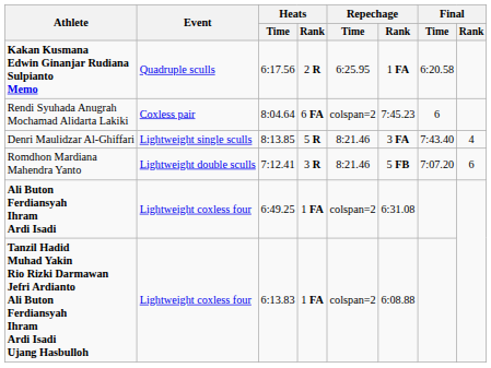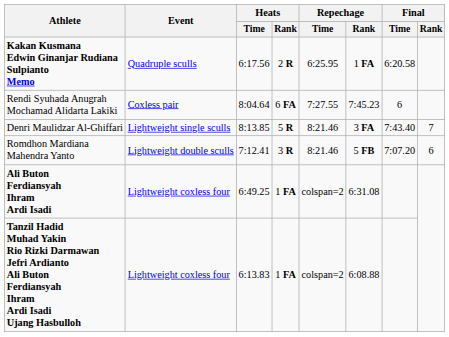 <table class=wikitable style=font-size:90%;text-align:center>
 <tr>
 <th rowspan=2>Athlete</th>
 <th rowspan=2>Event</th>
 <th colspan=2>Heats</th>
 <th colspan=2>Repechage</th>
 <th colspan=2>Final</th>
 </tr>
 <tr style="font-size:95%">
 <th>Time</th>
 <th>Rank</th>
 <th>Time</th>
 <th>Rank</th>
 <th>Time</th>
 <th>Rank</th>
 </tr>
 <tr>
 <td align=left><strong>Kakan Kusmana<br>Edwin Ginanjar Rudiana<br>Sulpianto<br><a href='#'>Memo</a></strong></td>
 <td align=left><a href='#'>Quadruple sculls</a></td>
 <td>6:17.56</td>
 <td>2 <strong>R</strong></td>
 <td>6:25.95</td>
 <td>1 <strong>FA</strong></td>
 <td>6:20.58</td>
 <td></td>
 </tr>
 <tr>
 <td align=left>Rendi Syuhada Anugrah<br>Mochamad Alidarta Lakiki</td>
 <td align=left><a href='#'>Coxless pair</a></td>
 <td>8:04.64</td>
 <td>6 <strong>FA</strong></td>
-<td>colspan=2 </td>
+<td>7:27.55</td>
 <td>7:45.23</td>
 <td>6</td>
 </tr>
 <tr>
 <td align=left>Denri Maulidzar Al-Ghiffari</td>
 <td align=left><a href='#'>Lightweight single sculls</a></td>
 <td>8:13.85</td>
 <td>5 <strong>R</strong></td>
 <td>8:21.46</td>
 <td>3 <strong>FA</strong></td>
 <td>7:43.40</td>
-<td>4</td>
+<td>7</td>
 </tr>
 <tr>
 <td align=left>Romdhon Mardiana<br>Mahendra Yanto</td>
 <td align=left><a href='#'>Lightweight double sculls</a></td>
 <td>7:12.41</td>
 <td>3 <strong>R</strong></td>
 <td>8:21.46</td>
 <td>5 <strong>FB</strong></td>
 <td>7:07.20</td>
 <td>6</td>
 </tr>
 <tr>
 <td align=left><strong>Ali Buton<br>Ferdiansyah<br>Ihram<br>Ardi Isadi</strong></td>
 <td align=left><a href='#'>Lightweight coxless four</a></td>
 <td>6:49.25</td>
 <td>1 <strong>FA</strong></td>
 <td>colspan=2 </td>
 <td>6:31.08</td>
 <td></td>
 </tr>
 <tr>
 <td align=left><strong>Tanzil Hadid<br>Muhad Yakin<br>Rio Rizki Darmawan<br>Jefri Ardianto<br>Ali Buton<br>Ferdiansyah<br>Ihram<br>Ardi Isadi<br>Ujang Hasbulloh</strong></td>
 <td align=left><a href='#'>Lightweight coxless four</a></td>
 <td>6:13.83</td>
 <td>1 <strong>FA</strong></td>
 <td>colspan=2 </td>
 <td>6:08.88</td>
 <td></td>
 </tr>
 </table>
